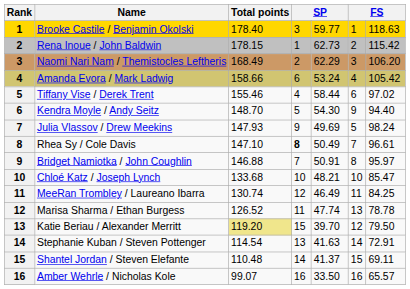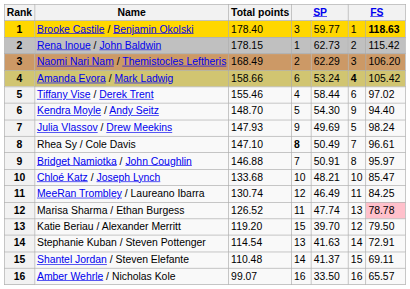 <table class="wikitable">
 <tr>
 <th>Rank</th>
 <th>Name</th>
 <th>Total points</th>
 <th colspan="2" width="80px"><a href='#'>SP</a></th>
 <th colspan="2" width="80px"><a href='#'>FS</a></th>
 </tr>
 <tr bgcolor="gold">
 <td align="center"><strong>1</strong></td>
 <td><a href='#'>Brooke Castile</a> / <a href='#'>Benjamin Okolski</a></td>
 <td>178.40</td>
 <td>3</td>
 <td>59.77</td>
 <td>1</td>
-<td>118.63</td>
+<td><strong>118.63</strong></td>
 </tr>
 <tr bgcolor="silver">
 <td align="center"><strong>2</strong></td>
 <td><a href='#'>Rena Inoue</a> / <a href='#'>John Baldwin</a></td>
 <td>178.15</td>
 <td>1</td>
 <td>62.73</td>
 <td>2</td>
 <td>115.42</td>
 </tr>
 <tr bgcolor="cc9966">
 <td align="center"><strong>3</strong></td>
 <td><a href='#'>Naomi Nari Nam</a> / <a href='#'>Themistocles Leftheris</a></td>
 <td>168.49</td>
 <td>2</td>
 <td>62.29</td>
 <td>3</td>
 <td>106.20</td>
 </tr>
 <tr bgcolor="#d1c571">
 <td align="center"><strong>4</strong></td>
 <td><a href='#'>Amanda Evora</a> / <a href='#'>Mark Ladwig</a></td>
 <td>158.66</td>
 <td>6</td>
 <td>53.24</td>
-<td>4</td>
+<td><strong>4</strong></td>
 <td>105.42</td>
 </tr>
 <tr>
 <th>5</th>
 <td><a href='#'>Tiffany Vise</a> / <a href='#'>Derek Trent</a></td>
 <td>155.46</td>
 <td>4</td>
 <td>58.44</td>
 <td>6</td>
 <td>97.02</td>
 </tr>
 <tr>
 <th>6</th>
 <td><a href='#'>Kendra Moyle</a> / <a href='#'>Andy Seitz</a></td>
 <td>148.70</td>
 <td>5</td>
 <td>54.30</td>
 <td>9</td>
 <td>94.40</td>
 </tr>
 <tr>
 <th>7</th>
 <td><a href='#'>Julia Vlassov</a> / <a href='#'>Drew Meekins</a></td>
 <td>147.93</td>
 <td>9</td>
 <td>49.69</td>
 <td>5</td>
 <td>98.24</td>
 </tr>
 <tr>
 <th>8</th>
 <td>Rhea Sy / Cole Davis</td>
 <td>147.10</td>
 <td><strong>8</strong></td>
 <td>50.49</td>
 <td>7</td>
 <td>96.61</td>
 </tr>
 <tr>
 <th>9</th>
 <td><a href='#'>Bridget Namiotka</a> / <a href='#'>John Coughlin</a></td>
 <td>146.88</td>
 <td>7</td>
 <td>50.91</td>
 <td>8</td>
 <td>95.97</td>
 </tr>
 <tr>
 <th>10</th>
 <td><a href='#'>Chloé Katz</a> / <a href='#'>Joseph Lynch</a></td>
 <td>133.68</td>
 <td>10</td>
 <td>48.21</td>
 <td>10</td>
 <td>85.47</td>
 </tr>
 <tr>
 <th>11</th>
 <td><a href='#'>MeeRan Trombley</a> / Laureano Ibarra</td>
 <td>130.74</td>
 <td>12</td>
 <td>46.49</td>
 <td>11</td>
 <td>84.25</td>
 </tr>
 <tr>
 <th>12</th>
 <td>Marisa Sharma / Ethan Burgess</td>
 <td>126.52</td>
 <td>11</td>
 <td>47.74</td>
 <td>13</td>
-<td>78.78</td>
+<td style="background: pink;">78.78</td>
 </tr>
 <tr>
 <th>13</th>
 <td>Katie Beriau / Alexander Merritt</td>
-<td style="background: khaki;">119.20</td>
+<td>119.20</td>
 <td>15</td>
 <td>39.70</td>
 <td>12</td>
 <td>79.50</td>
 </tr>
 <tr>
 <th>14</th>
 <td>Stephanie Kuban / Steven Pottenger</td>
 <td>114.54</td>
 <td>13</td>
 <td>41.63</td>
 <td>14</td>
 <td>72.91</td>
 </tr>
 <tr>
 <th>15</th>
 <td><a href='#'>Shantel Jordan</a> / Steven Elefante</td>
 <td>110.48</td>
 <td>14</td>
 <td>41.37</td>
 <td>15</td>
 <td>69.11</td>
 </tr>
 <tr>
 <th>16</th>
 <td><a href='#'>Amber Wehrle</a> / Nicholas Kole</td>
 <td>99.07</td>
 <td>16</td>
 <td>33.50</td>
 <td>16</td>
 <td>65.57</td>
 </tr>
 </table>
